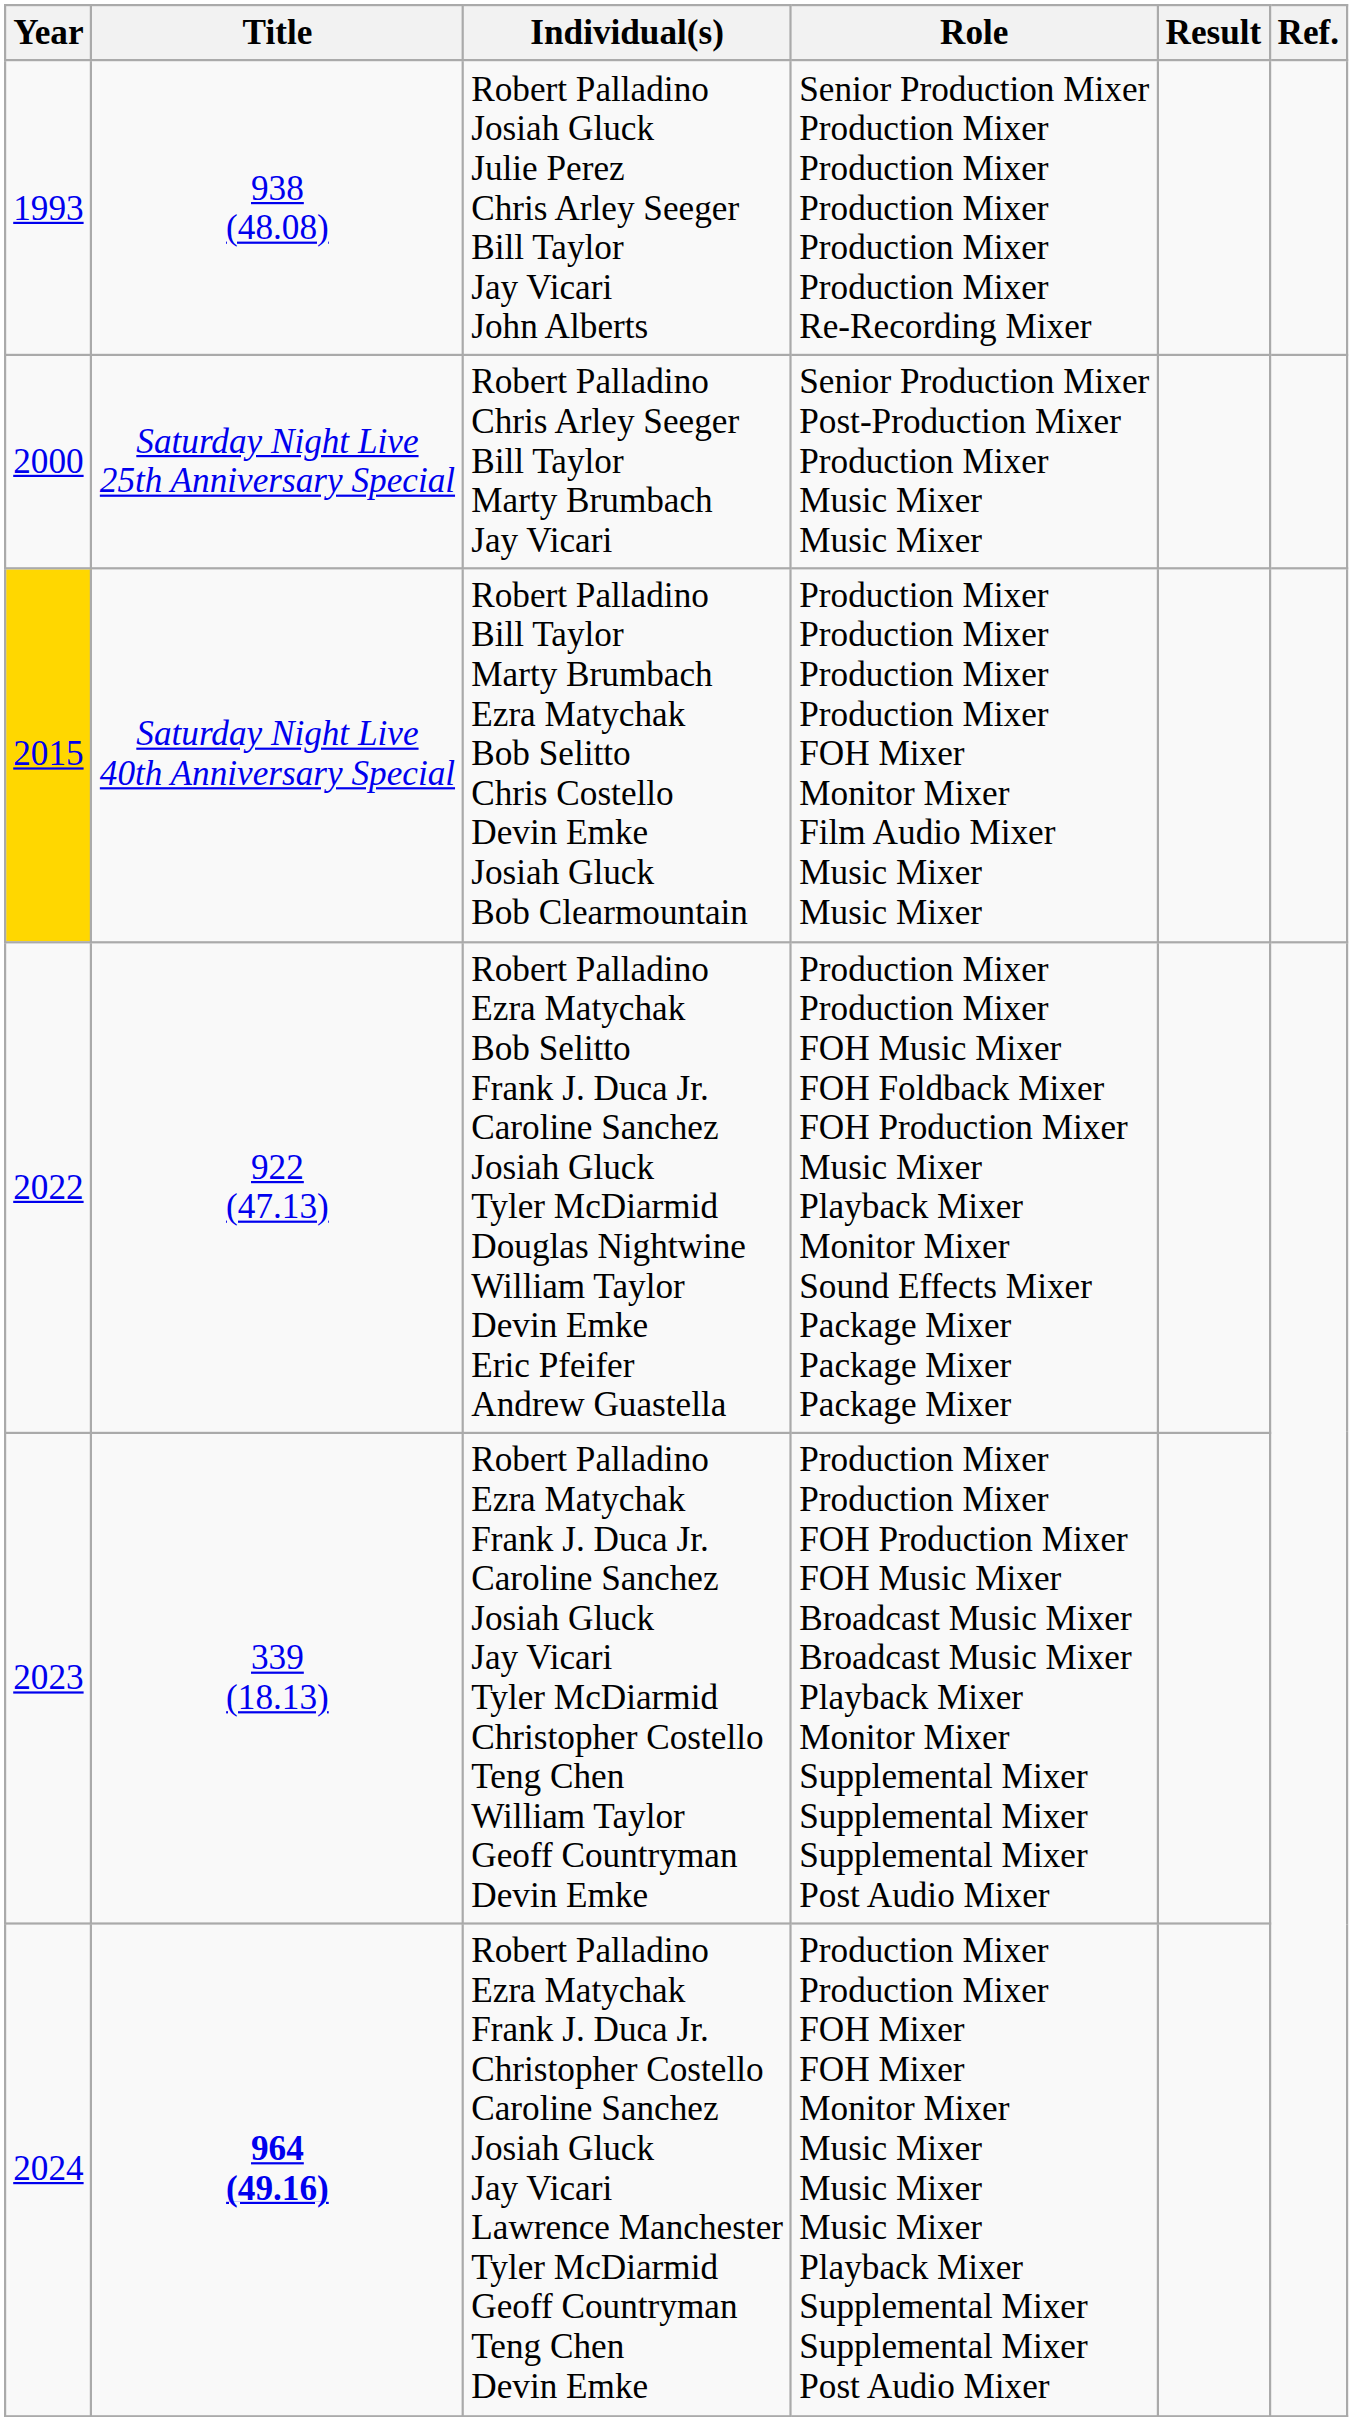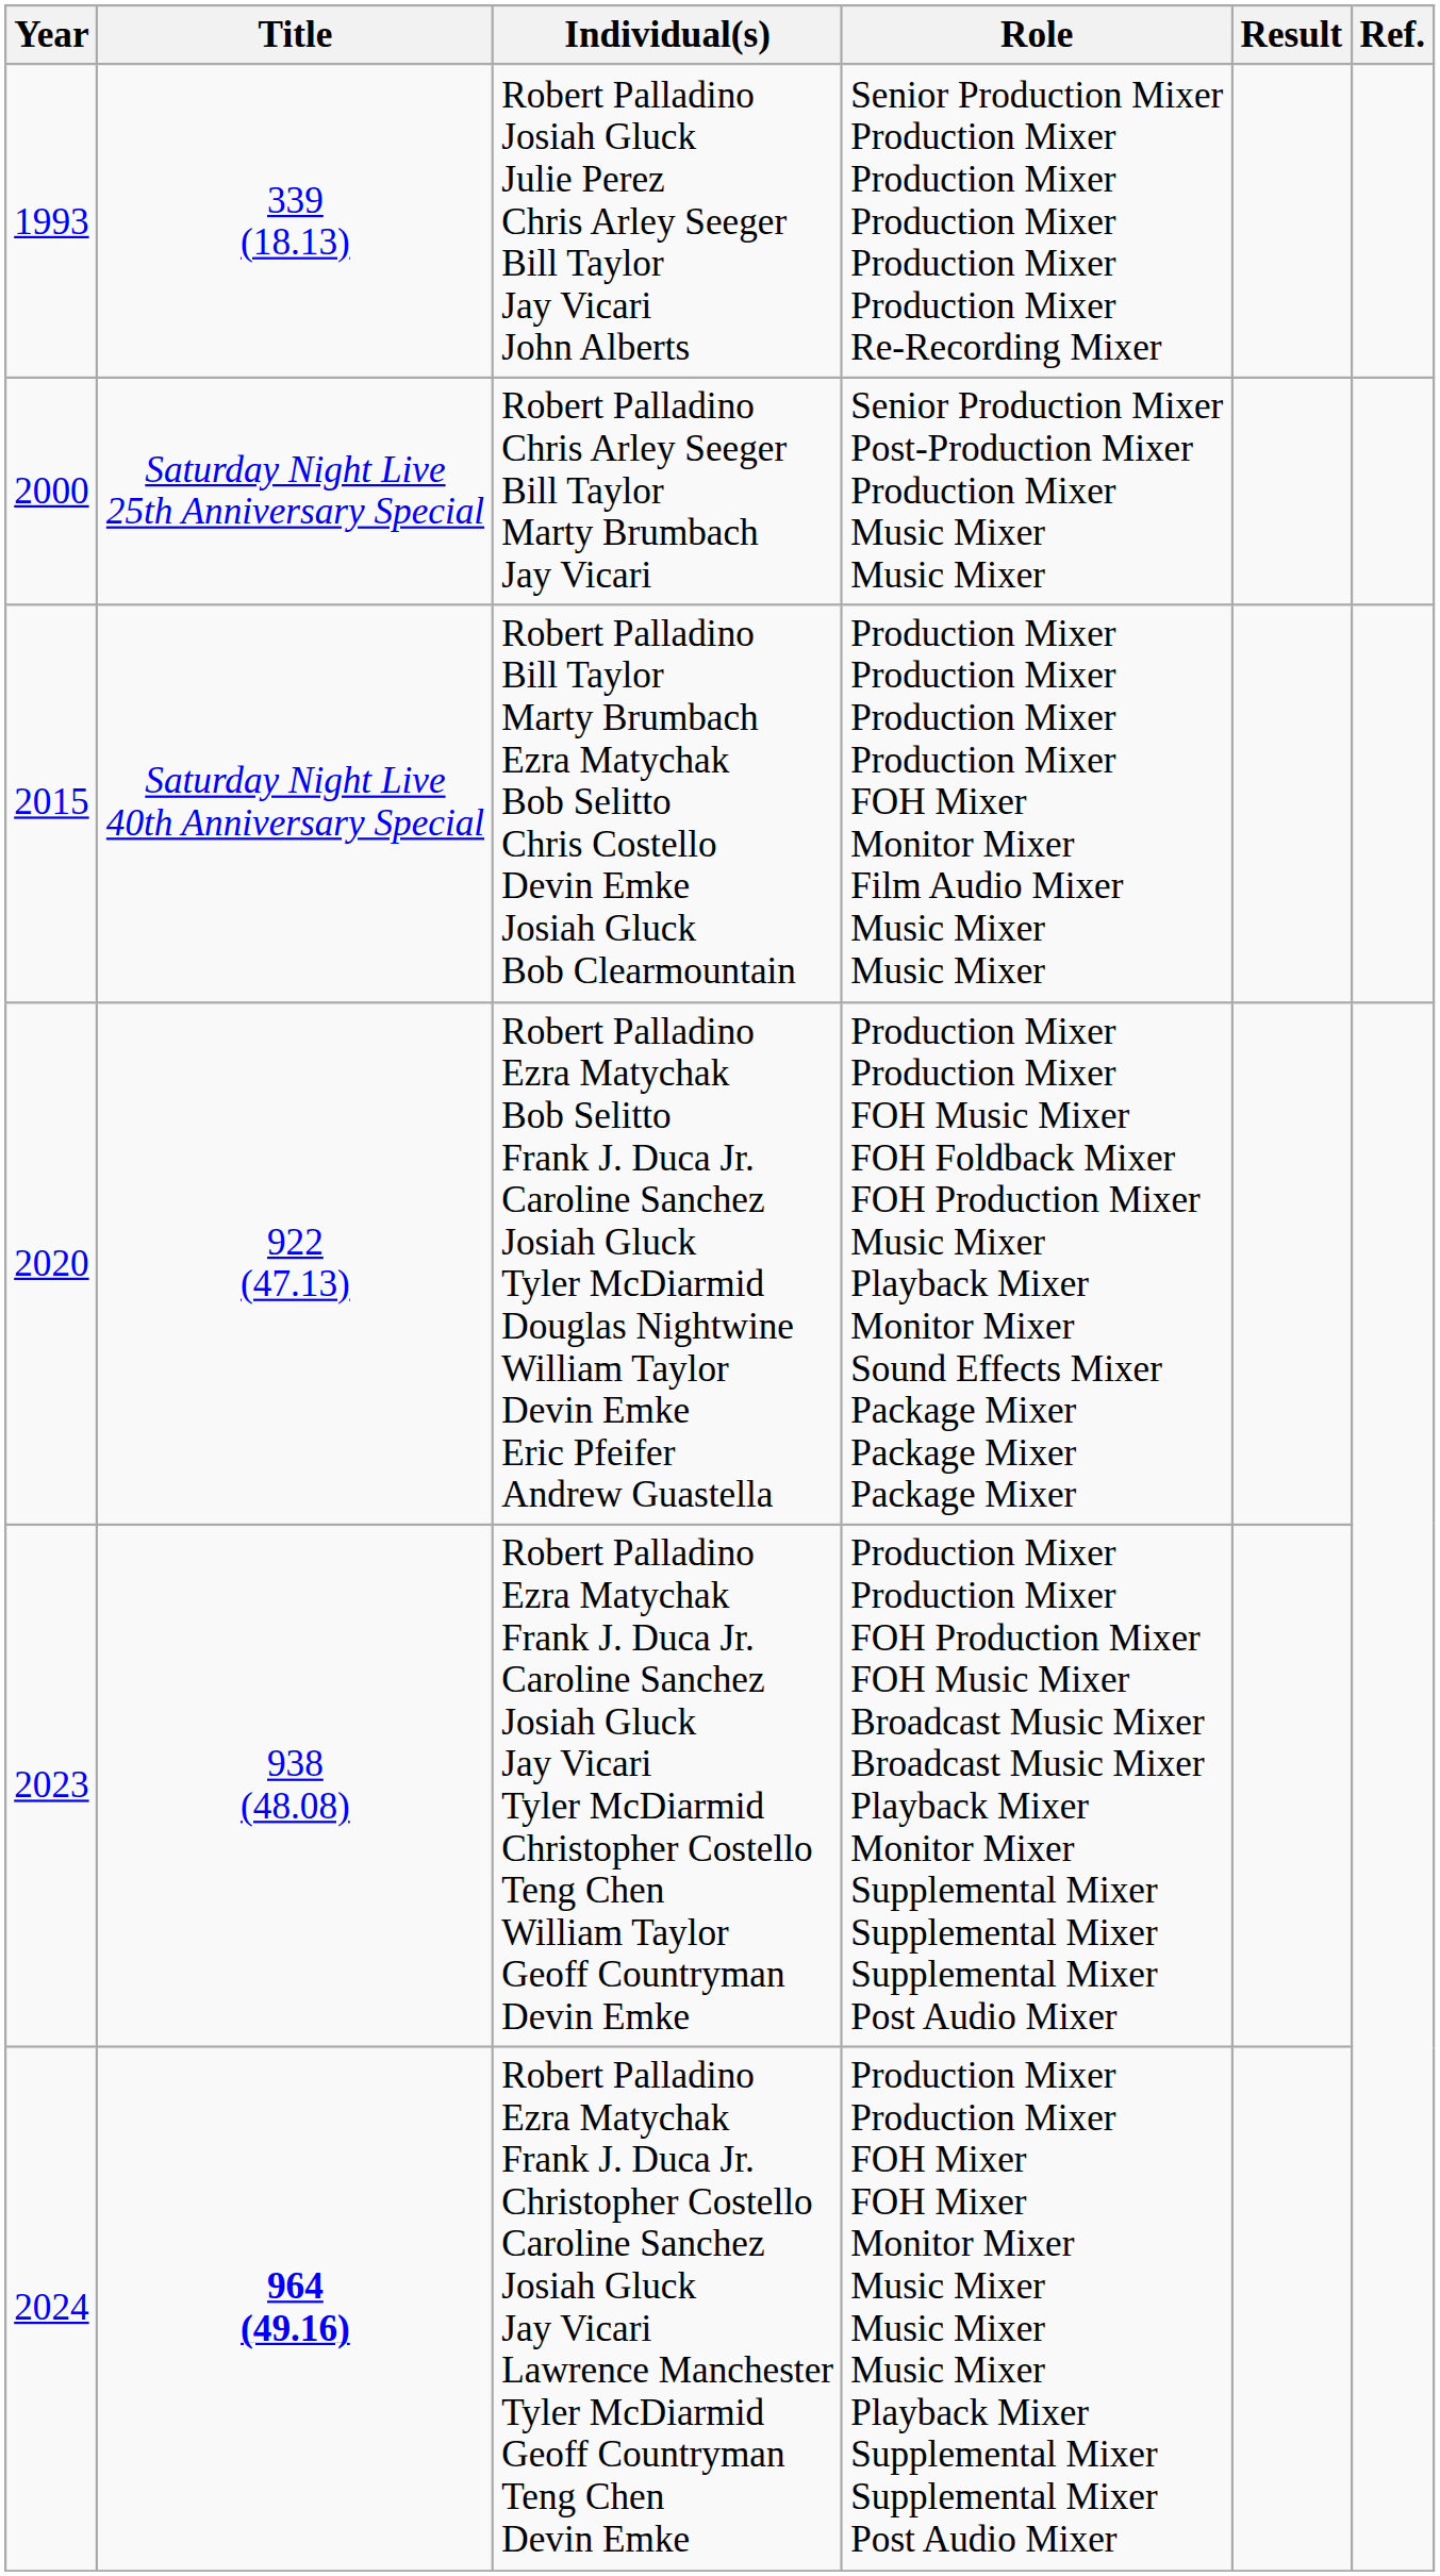 <table class="wikitable">
 <tr>
 <th>Year</th>
 <th>Title</th>
 <th>Individual(s)</th>
 <th>Role</th>
 <th>Result</th>
 <th>Ref.</th>
 </tr>
 <tr>
 <td><a href='#'>1993</a></td>
-<td align="center"><a href='#'>938 <br> (48.08)</a></td>
+<td align="center"><a href='#'>339 <br> (18.13)</a></td>
 <td>Robert Palladino <br> Josiah Gluck <br> Julie Perez <br> Chris Arley Seeger <br> Bill Taylor <br> Jay Vicari <br> John Alberts</td>
 <td>Senior Production Mixer <br> Production Mixer <br> Production Mixer <br> Production Mixer <br> Production Mixer <br> Production Mixer <br> Re-Recording Mixer</td>
 <td></td>
 <td align="center"></td>
 </tr>
 <tr>
 <td><a href='#'>2000</a></td>
 <td align="center"><em><a href='#'>Saturday Night Live <br> 25th Anniversary Special</a></em></td>
 <td>Robert Palladino <br> Chris Arley Seeger <br> Bill Taylor <br> Marty Brumbach <br> Jay Vicari</td>
 <td>Senior Production Mixer <br> Post-Production Mixer <br> Production Mixer <br> Music Mixer <br> Music Mixer</td>
 <td></td>
 <td align="center"></td>
 </tr>
 <tr>
-<td style="background: gold;"><a href='#'>2015</a></td>
+<td><a href='#'>2015</a></td>
 <td align="center"><em><a href='#'>Saturday Night Live <br> 40th Anniversary Special</a></em></td>
 <td>Robert Palladino <br> Bill Taylor <br> Marty Brumbach <br> Ezra Matychak <br> Bob Selitto <br> Chris Costello <br> Devin Emke <br> Josiah Gluck <br> Bob Clearmountain</td>
 <td>Production Mixer <br> Production Mixer <br> Production Mixer <br> Production Mixer <br> FOH Mixer <br> Monitor Mixer <br> Film Audio Mixer <br> Music Mixer <br> Music Mixer</td>
 <td></td>
 <td align="center"></td>
 </tr>
 <tr>
-<td><a href='#'>2022</a></td>
+<td><a href='#'>2020</a></td>
 <td align="center"><a href='#'>922 <br> (47.13)</a></td>
 <td>Robert Palladino <br> Ezra Matychak <br> Bob Selitto <br> Frank J. Duca Jr. <br> Caroline Sanchez <br> Josiah Gluck <br> Tyler McDiarmid <br> Douglas Nightwine <br> William Taylor <br> Devin Emke <br> Eric Pfeifer <br> Andrew Guastella</td>
 <td>Production Mixer <br> Production Mixer <br> FOH Music Mixer <br> FOH Foldback Mixer <br> FOH Production Mixer <br> Music Mixer <br> Playback Mixer <br> Monitor Mixer <br> Sound Effects Mixer <br> Package Mixer <br> Package Mixer <br> Package Mixer</td>
 <td></td>
 <td rowspan="3" align="center"></td>
 </tr>
 <tr>
 <td><a href='#'>2023</a></td>
-<td align="center"><a href='#'>339 <br> (18.13)</a></td>
+<td align="center"><a href='#'>938 <br> (48.08)</a></td>
 <td>Robert Palladino <br> Ezra Matychak <br> Frank J. Duca Jr. <br> Caroline Sanchez <br> Josiah Gluck <br> Jay Vicari <br> Tyler McDiarmid <br> Christopher Costello <br> Teng Chen <br> William Taylor <br> Geoff Countryman <br> Devin Emke</td>
 <td>Production Mixer <br> Production Mixer <br> FOH Production Mixer <br> FOH Music Mixer <br> Broadcast Music Mixer <br> Broadcast Music Mixer <br> Playback Mixer <br> Monitor Mixer <br> Supplemental Mixer <br> Supplemental Mixer <br> Supplemental Mixer <br> Post Audio Mixer</td>
 <td></td>
 </tr>
 <tr>
 <td><a href='#'>2024</a></td>
 <td align="center"><strong><a href='#'>964 <br> (49.16)</a></strong></td>
 <td>Robert Palladino <br> Ezra Matychak <br> Frank J. Duca Jr. <br> Christopher Costello <br> Caroline Sanchez <br> Josiah Gluck <br> Jay Vicari <br> Lawrence Manchester <br> Tyler McDiarmid <br> Geoff Countryman <br> Teng Chen <br> Devin Emke</td>
 <td>Production Mixer <br> Production Mixer <br> FOH Mixer <br> FOH Mixer <br> Monitor Mixer <br> Music Mixer <br> Music Mixer <br> Music Mixer <br> Playback Mixer <br> Supplemental Mixer <br> Supplemental Mixer <br> Post Audio Mixer</td>
 <td></td>
 </tr>
 </table>
